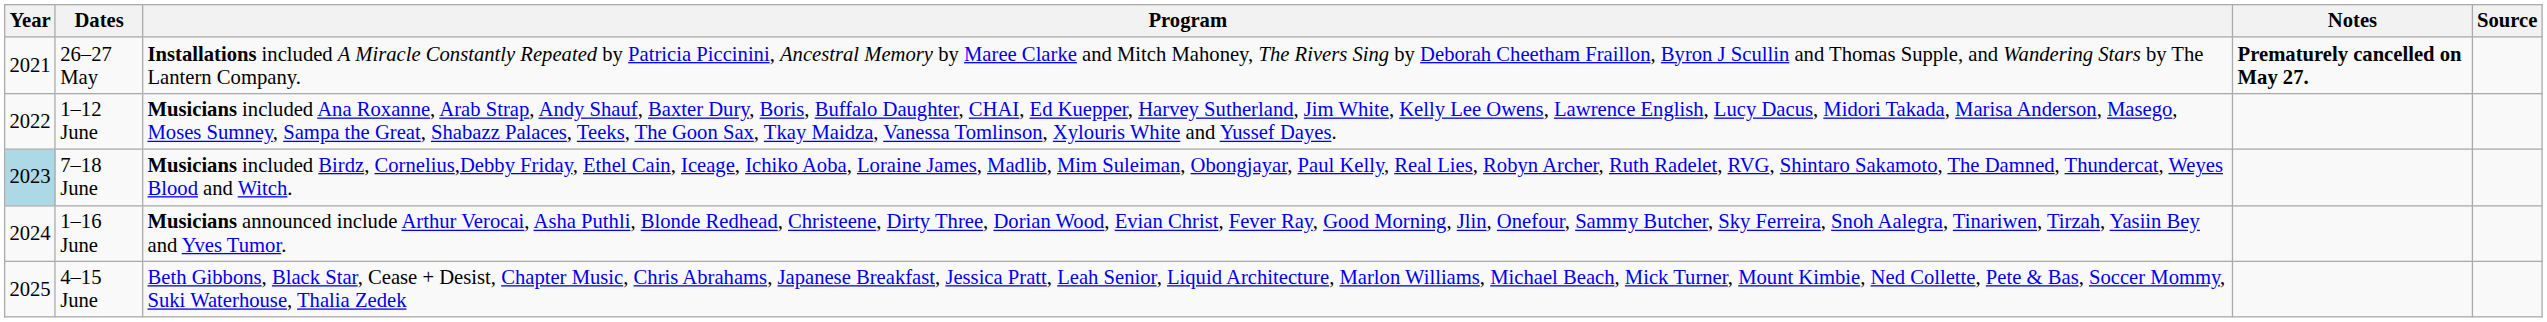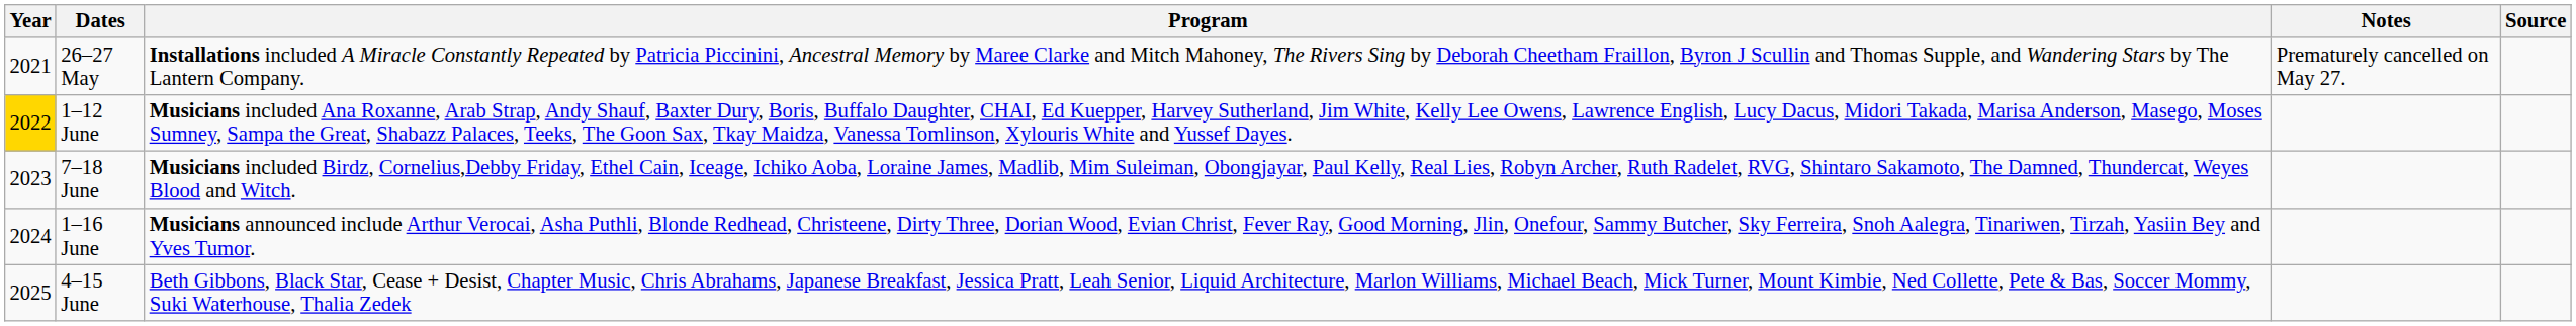 <table class="wikitable">
 <tr>
 <th>Year</th>
 <th>Dates</th>
 <th>Program</th>
 <th>Notes</th>
 <th>Source</th>
 </tr>
 <tr>
 <td>2021</td>
 <td>26–27 May</td>
 <td><strong>Installations</strong> included <em>A Miracle Constantly Repeated</em> by <a href='#'>Patricia Piccinini</a>, <em>Ancestral Memory</em> by <a href='#'>Maree Clarke</a> and Mitch Mahoney, <em>The Rivers Sing</em> by <a href='#'>Deborah Cheetham Fraillon</a>, <a href='#'>Byron J Scullin</a> and Thomas Supple, and <em>Wandering Stars</em> by The Lantern Company.</td>
-<td><strong>Prematurely cancelled on May 27.</strong></td>
+<td>Prematurely cancelled on May 27.</td>
 </tr>
 <tr>
-<td>2022</td>
+<td style="background: gold;">2022</td>
 <td>1–12 June</td>
 <td><strong>Musicians</strong> included <a href='#'>Ana Roxanne</a>,  <a href='#'>Arab Strap</a>, <a href='#'>Andy Shauf</a>, <a href='#'>Baxter Dury</a>, <a href='#'>Boris</a>, <a href='#'>Buffalo Daughter</a>, <a href='#'>CHAI</a>, <a href='#'>Ed Kuepper</a>, <a href='#'>Harvey Sutherland</a>, <a href='#'>Jim White</a>, <a href='#'>Kelly Lee Owens</a>, <a href='#'>Lawrence English</a>, <a href='#'>Lucy Dacus</a>, <a href='#'>Midori Takada</a>, <a href='#'>Marisa Anderson</a>, <a href='#'>Masego</a>, <a href='#'>Moses Sumney</a>, <a href='#'>Sampa the Great</a>, <a href='#'>Shabazz Palaces</a>, <a href='#'>Teeks</a>, <a href='#'>The Goon Sax</a>, <a href='#'>Tkay Maidza</a>, <a href='#'>Vanessa Tomlinson</a>, <a href='#'>Xylouris White</a> and <a href='#'>Yussef Dayes</a>.</td>
 <td></td>
 <td></td>
 </tr>
 <tr>
-<td style="background: lightblue;">2023</td>
+<td>2023</td>
 <td>7–18 June</td>
 <td><strong>Musicians</strong> included <a href='#'>Birdz</a>, <a href='#'>Cornelius</a>,<a href='#'>Debby Friday</a>, <a href='#'>Ethel Cain</a>, <a href='#'>Iceage</a>, <a href='#'>Ichiko Aoba</a>, <a href='#'>Loraine James</a>, <a href='#'>Madlib</a>, <a href='#'>Mim Suleiman</a>, <a href='#'>Obongjayar</a>, <a href='#'>Paul Kelly</a>, <a href='#'>Real Lies</a>, <a href='#'>Robyn Archer</a>, <a href='#'>Ruth Radelet</a>, <a href='#'>RVG</a>, <a href='#'>Shintaro Sakamoto</a>, <a href='#'>The Damned</a>, <a href='#'>Thundercat</a>, <a href='#'>Weyes Blood</a> and <a href='#'>Witch</a>.</td>
 <td></td>
 <td></td>
 </tr>
 <tr>
 <td>2024</td>
 <td>1–16 June</td>
 <td><strong>Musicians</strong> announced include <a href='#'>Arthur Verocai</a>, <a href='#'>Asha Puthli</a>, <a href='#'>Blonde Redhead</a>, <a href='#'>Christeene</a>, <a href='#'>Dirty Three</a>, <a href='#'>Dorian Wood</a>, <a href='#'>Evian Christ</a>, <a href='#'>Fever Ray</a>, <a href='#'>Good Morning</a>, <a href='#'>Jlin</a>, <a href='#'>Onefour</a>, <a href='#'>Sammy Butcher</a>, <a href='#'>Sky Ferreira</a>, <a href='#'>Snoh Aalegra</a>, <a href='#'>Tinariwen</a>, <a href='#'>Tirzah</a>, <a href='#'>Yasiin Bey</a> and <a href='#'>Yves Tumor</a>.</td>
 <td></td>
 <td></td>
 </tr>
 <tr>
 <td>2025</td>
 <td>4–15 June</td>
 <td><a href='#'>Beth Gibbons</a>, <a href='#'>Black Star</a>, Cease + Desist, <a href='#'>Chapter Music</a>, <a href='#'>Chris Abrahams</a>, <a href='#'>Japanese Breakfast</a>, <a href='#'>Jessica Pratt</a>, <a href='#'>Leah Senior</a>, <a href='#'>Liquid Architecture</a>, <a href='#'>Marlon Williams</a>, <a href='#'>Michael Beach</a>, <a href='#'>Mick Turner</a>, <a href='#'>Mount Kimbie</a>, <a href='#'>Ned Collette</a>, <a href='#'>Pete & Bas</a>, <a href='#'>Soccer Mommy</a>, <a href='#'>Suki Waterhouse</a>, <a href='#'>Thalia Zedek</a></td>
 <td></td>
 <td></td>
 </tr>
 </table>
